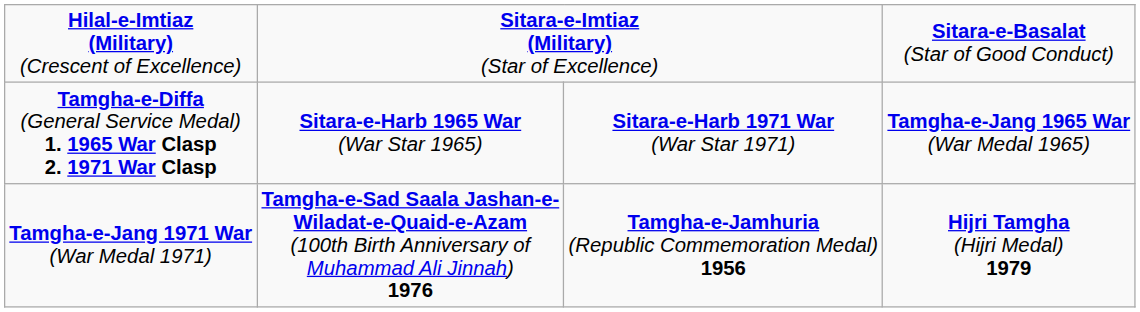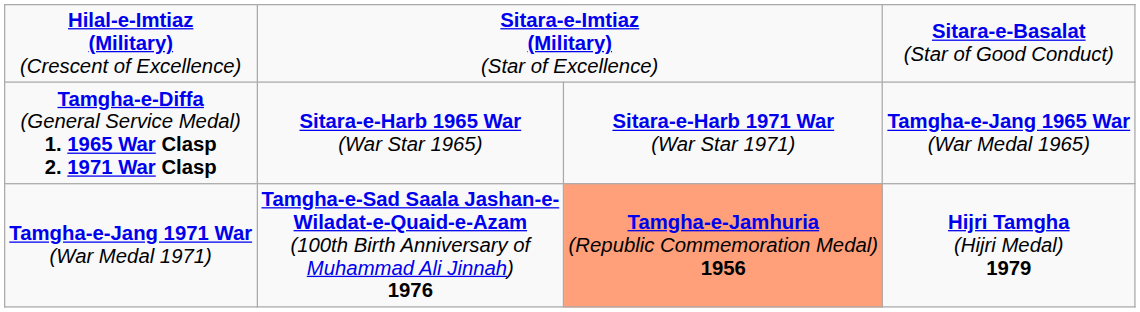 <table class="wikitable" style="text-align: center;">
 <tr>
 <td colspan="1"><a href='#'><strong>Hilal-e-Imtiaz</strong></a><br><strong><a href='#'>(Military)</a></strong><br><em>(Crescent of Excellence)</em></td>
 <td colspan="2"><strong><a href='#'>Sitara-e-Imtiaz</a></strong><br><strong><a href='#'>(Military)</a></strong><br><em>(Star of Excellence)</em></td>
 <td colspan="1"><strong><a href='#'>Sitara-e-Basalat</a></strong><br><em>(Star of Good Conduct)</em></td>
 </tr>
 <tr>
 <td><strong><a href='#'>Tamgha-e-Diffa</a></strong><br><em>(General Service Medal)</em><br><strong>1. <a href='#'>1965 War</a> Clasp</strong><br><strong>2. <a href='#'>1971 War</a> Clasp</strong></td>
 <td><strong><a href='#'>Sitara-e-Harb 1965 War</a></strong><br><em>(War Star 1965)</em></td>
 <td><strong><a href='#'>Sitara-e-Harb 1971 War</a></strong><br><em>(War Star 1971)</em></td>
 <td><strong><a href='#'>Tamgha-e-Jang 1965 War</a></strong><br><em>(War Medal 1965)</em></td>
 </tr>
 <tr>
 <td><strong><a href='#'>Tamgha-e-Jang 1971 War</a></strong><br><em>(War Medal 1971)</em></td>
 <td><strong><a href='#'>Tamgha-e-Sad Saala Jashan-e-</a></strong><br><strong><a href='#'>Wiladat-e-Quaid-e-Azam</a></strong><br><em>(100th Birth Anniversary of</em><br><em><a href='#'>Muhammad Ali Jinnah</a>)</em><br><strong>1976</strong></td>
-<td><strong><a href='#'>Tamgha-e-Jamhuria</a></strong><br><em>(Republic Commemoration Medal)</em><br><strong>1956</strong></td>
+<td style="background: lightsalmon;"><strong><a href='#'>Tamgha-e-Jamhuria</a></strong><br><em>(Republic Commemoration Medal)</em><br><strong>1956</strong></td>
 <td colspan="1"><strong><a href='#'>Hijri Tamgha</a></strong><br><em>(Hijri Medal)</em><br><strong>1979</strong></td>
 </tr>
 </table>
